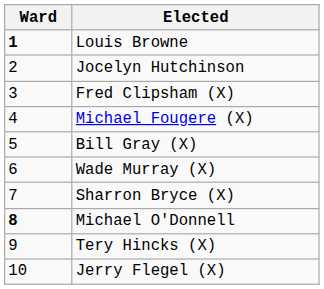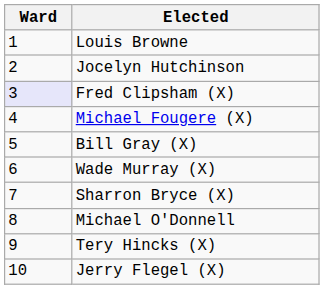 <table class="wikitable">
 <tr>
 <th bgcolor="#DDDDFF" width="50px">Ward</th>
 <th bgcolor="#DDDDFF" width="200px">Elected</th>
 </tr>
 <tr>
-<td><strong>1</strong></td>
+<td>1</td>
 <td>Louis Browne</td>
 </tr>
 <tr>
 <td>2</td>
 <td>Jocelyn Hutchinson</td>
 </tr>
 <tr>
-<td>3</td>
+<td style="background: lavender;">3</td>
 <td>Fred Clipsham (X)</td>
 </tr>
 <tr>
 <td>4</td>
 <td><a href='#'>Michael Fougere</a> (X)</td>
 </tr>
 <tr>
 <td>5</td>
 <td>Bill Gray (X)</td>
 </tr>
 <tr>
 <td>6</td>
 <td>Wade Murray (X)</td>
 </tr>
 <tr>
 <td>7</td>
 <td>Sharron Bryce (X)</td>
 </tr>
 <tr>
-<td><strong>8</strong></td>
+<td>8</td>
 <td>Michael O'Donnell</td>
 </tr>
 <tr>
 <td>9</td>
 <td>Tery Hincks (X)</td>
 </tr>
 <tr>
 <td>10</td>
 <td>Jerry Flegel (X)</td>
 </tr>
 </table>
